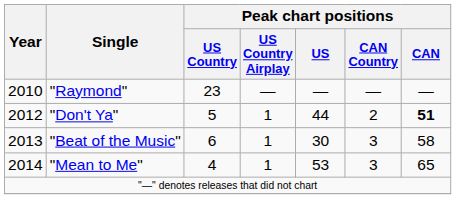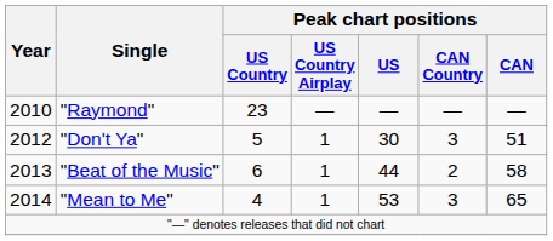 <table class="wikitable" style="text-align:center;">
 <tr>
 <th rowspan="2">Year</th>
 <th rowspan="2">Single</th>
 <th colspan="5">Peak chart positions</th>
 </tr>
 <tr style="font-size:smaller;">
 <th width="45"><a href='#'>US Country</a></th>
 <th width="45"><a href='#'>US Country Airplay</a></th>
 <th width="45"><a href='#'>US</a></th>
 <th width="45"><a href='#'>CAN Country</a><br></th>
 <th width="45"><a href='#'>CAN</a></th>
 </tr>
 <tr>
 <td>2010</td>
 <td align="left">"<a href='#'>Raymond</a>"</td>
 <td>23</td>
 <td>—</td>
 <td>—</td>
 <td>—</td>
 <td>—</td>
 </tr>
 <tr>
 <td>2012</td>
 <td align="left">"<a href='#'>Don't Ya</a>"</td>
 <td>5</td>
 <td>1</td>
-<td>44</td>
-<td>2</td>
-<td><strong>51</strong></td>
+<td>30</td>
+<td>3</td>
+<td>51</td>
 </tr>
 <tr>
 <td>2013</td>
 <td align="left">"<a href='#'>Beat of the Music</a>"</td>
 <td>6</td>
 <td>1</td>
-<td>30</td>
-<td>3</td>
+<td>44</td>
+<td>2</td>
 <td>58</td>
 </tr>
 <tr>
 <td>2014</td>
 <td align="left">"<a href='#'>Mean to Me</a>"</td>
 <td>4</td>
 <td>1</td>
 <td>53</td>
 <td>3</td>
 <td>65</td>
 </tr>
 <tr>
 <td colspan="7" style="font-size:8pt">"—" denotes releases that did not chart</td>
 </tr>
 <tr>
 </tr>
 </table>
